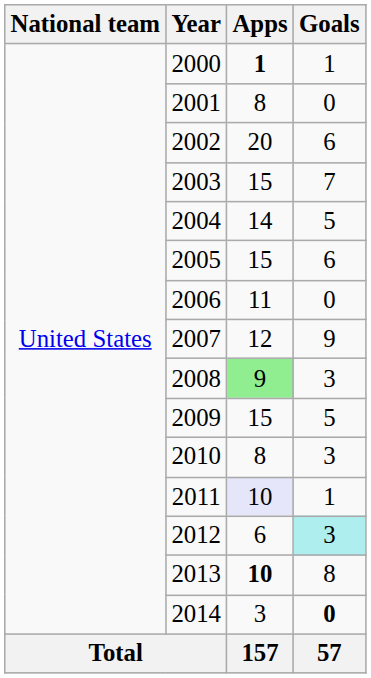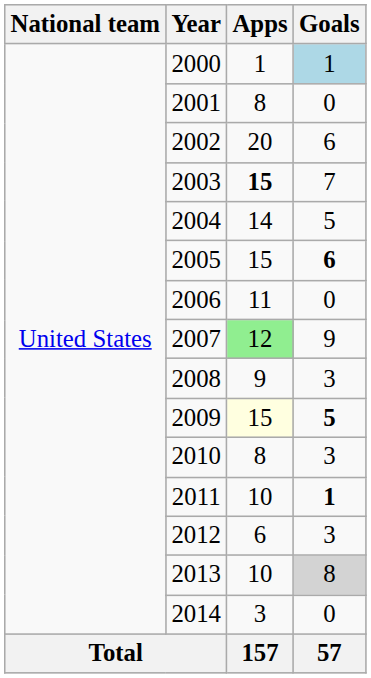 <table class="wikitable" style="text-align:center">
 <tr>
 <th>National team</th>
 <th>Year</th>
 <th>Apps</th>
 <th>Goals</th>
 </tr>
 <tr>
 <td rowspan="15"><a href='#'>United States</a></td>
 <td>2000</td>
-<td><strong>1</strong></td>
 <td>1</td>
+<td style="background: lightblue;">1</td>
 </tr>
 <tr>
 <td>2001</td>
 <td>8</td>
 <td>0</td>
 </tr>
 <tr>
 <td>2002</td>
 <td>20</td>
 <td>6</td>
 </tr>
 <tr>
 <td>2003</td>
-<td>15</td>
+<td><strong>15</strong></td>
 <td>7</td>
 </tr>
 <tr>
 <td>2004</td>
 <td>14</td>
 <td>5</td>
 </tr>
 <tr>
 <td>2005</td>
 <td>15</td>
-<td>6</td>
+<td><strong>6</strong></td>
 </tr>
 <tr>
 <td>2006</td>
 <td>11</td>
 <td>0</td>
 </tr>
 <tr>
 <td>2007</td>
-<td>12</td>
+<td style="background: lightgreen;">12</td>
 <td>9</td>
 </tr>
 <tr>
 <td>2008</td>
-<td style="background: lightgreen;">9</td>
+<td>9</td>
 <td>3</td>
 </tr>
 <tr>
 <td>2009</td>
-<td>15</td>
-<td>5</td>
+<td style="background: lightyellow;">15</td>
+<td><strong>5</strong></td>
 </tr>
 <tr>
 <td>2010</td>
 <td>8</td>
 <td>3</td>
 </tr>
 <tr>
 <td>2011</td>
-<td style="background: lavender;">10</td>
-<td>1</td>
+<td>10</td>
+<td><strong>1</strong></td>
 </tr>
 <tr>
 <td>2012</td>
 <td>6</td>
-<td style="background: paleturquoise;">3</td>
+<td>3</td>
 </tr>
 <tr>
 <td>2013</td>
-<td><strong>10</strong></td>
-<td>8</td>
+<td>10</td>
+<td style="background: lightgrey;">8</td>
 </tr>
 <tr>
 <td>2014</td>
 <td>3</td>
-<td><strong>0</strong></td>
+<td>0</td>
 </tr>
 <tr>
 <th colspan="2">Total</th>
 <th>157</th>
 <th>57</th>
 </tr>
 </table>
